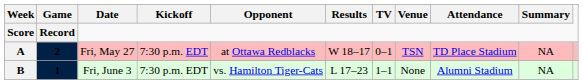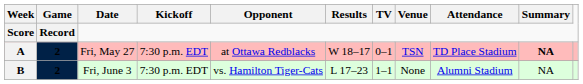 <table class="wikitable" style="font-size: 95%;">
 <tr>
 <th scope="col">Week</th>
 <th scope="col">Game</th>
 <th scope="col">Date</th>
 <th scope="col">Kickoff</th>
 <th scope="col">Opponent</th>
 <th scope="col">Results</th>
 <th scope="col">TV</th>
 <th scope="col">Venue</th>
 <th scope="col">Attendance</th>
 <th scope="col">Summary</th>
 </tr>
 <tr>
 <th scope="col">Score</th>
 <th scope="col">Record</th>
 </tr>
 <tr align="center"= bgcolor="ffbbbb">
 <th align="center">A</th>
 <th style="text-align:center; background:#002147;"><span>2</span></th>
 <td align="center">Fri, May 27</td>
 <td align="center">7:30 p.m. <a href='#'>EDT</a></td>
 <td align="center">at <a href='#'>Ottawa Redblacks</a></td>
 <td align="center">W 18–17</td>
 <td align="center">0–1</td>
 <td align="center"><a href='#'>TSN</a></td>
 <td align="center"><a href='#'>TD Place Stadium</a></td>
-<td align="center">NA</td>
+<td align="center"><strong>NA</strong></td>
 <td align="center"></td>
 </tr>
 <tr align="center"= bgcolor="ddffdd">
 <th align="center">B</th>
-<th style="text-align:center; background:#002147;"><span>1</span></th>
+<th style="text-align:center; background:#002147;"><span>2</span></th>
 <td align="center">Fri, June 3</td>
 <td align="center">7:30 p.m. EDT</td>
 <td align="center">vs. <a href='#'>Hamilton Tiger-Cats</a></td>
 <td align="center">L 17–23</td>
 <td align="center">1–1</td>
 <td align="center">None</td>
 <td align="center"><a href='#'>Alumni Stadium</a></td>
 <td align="center">NA</td>
 <td align="center"></td>
 </tr>
 </table>
